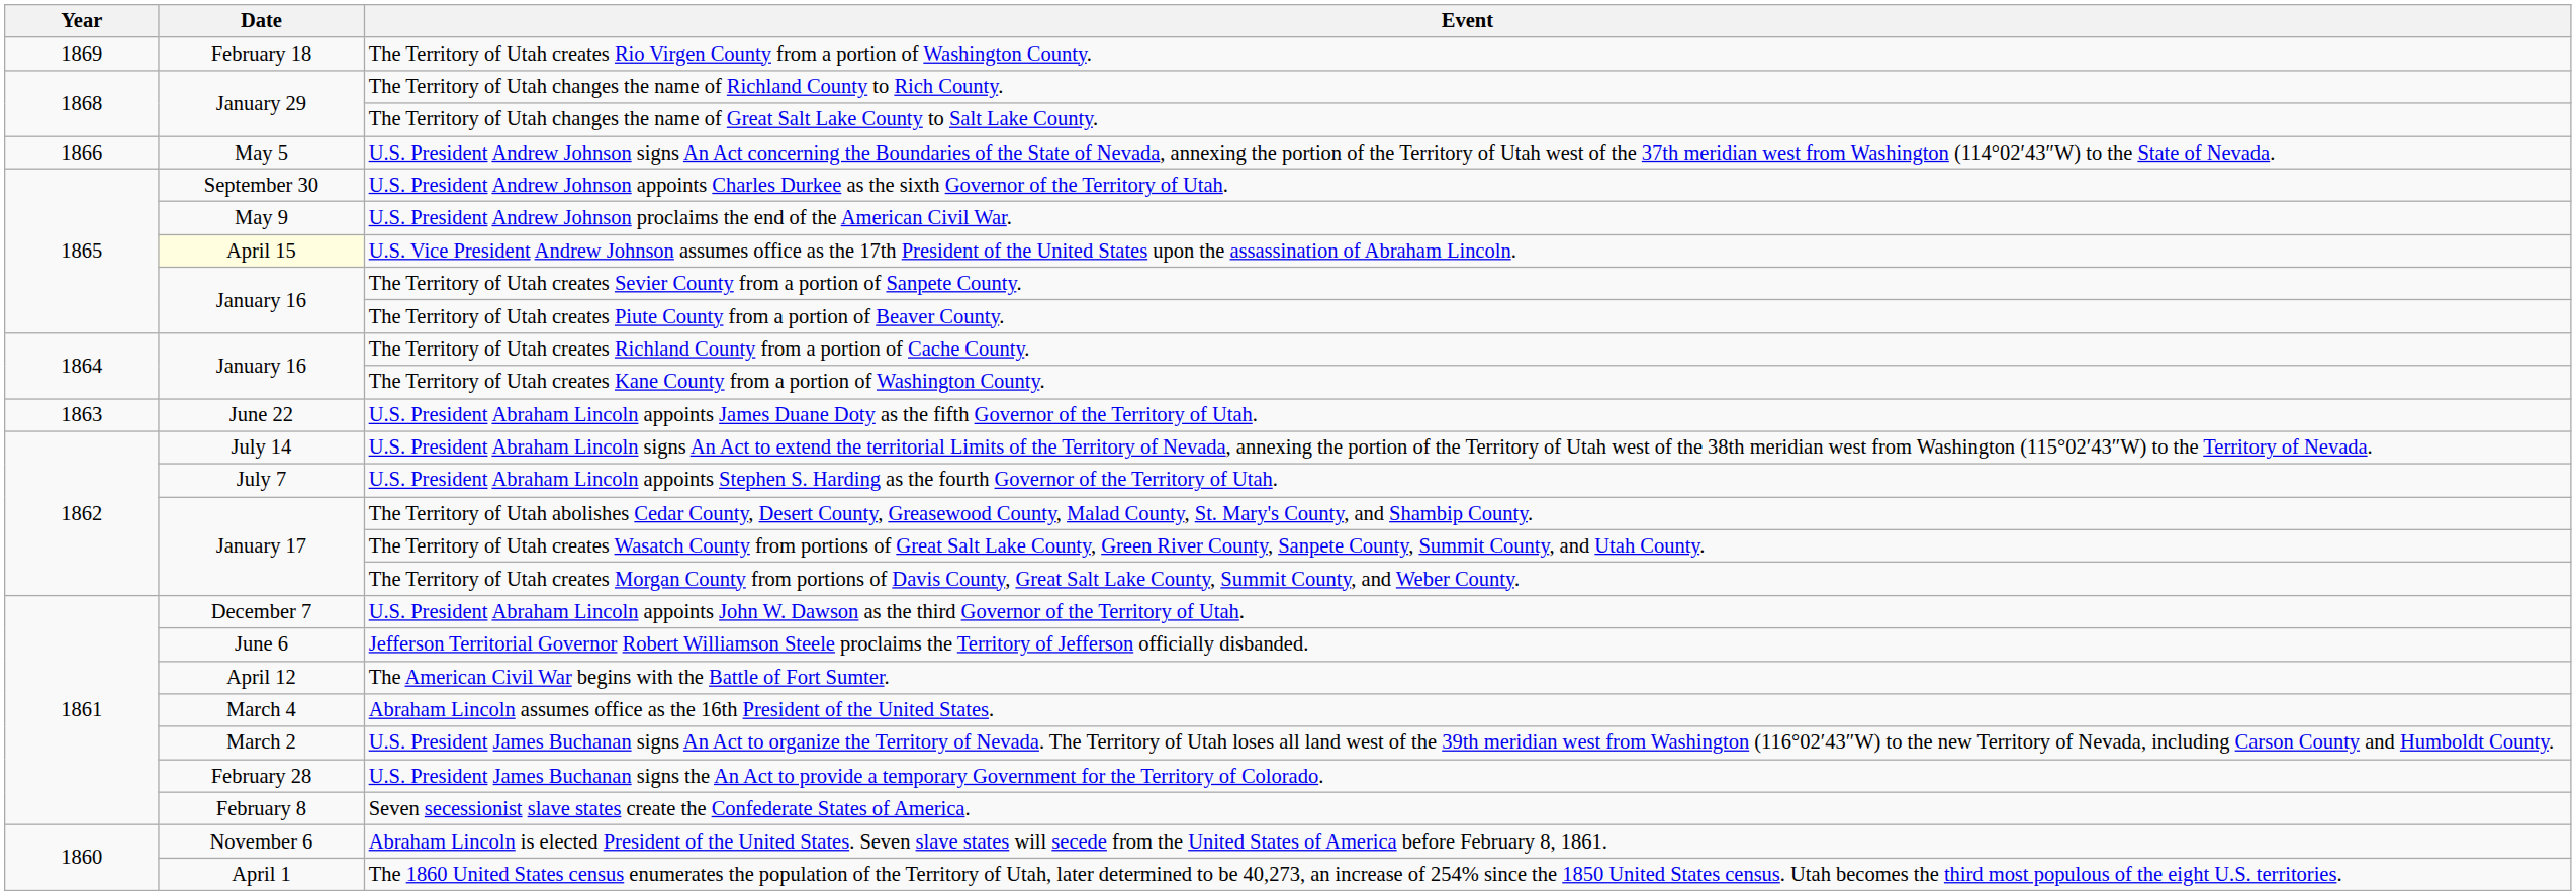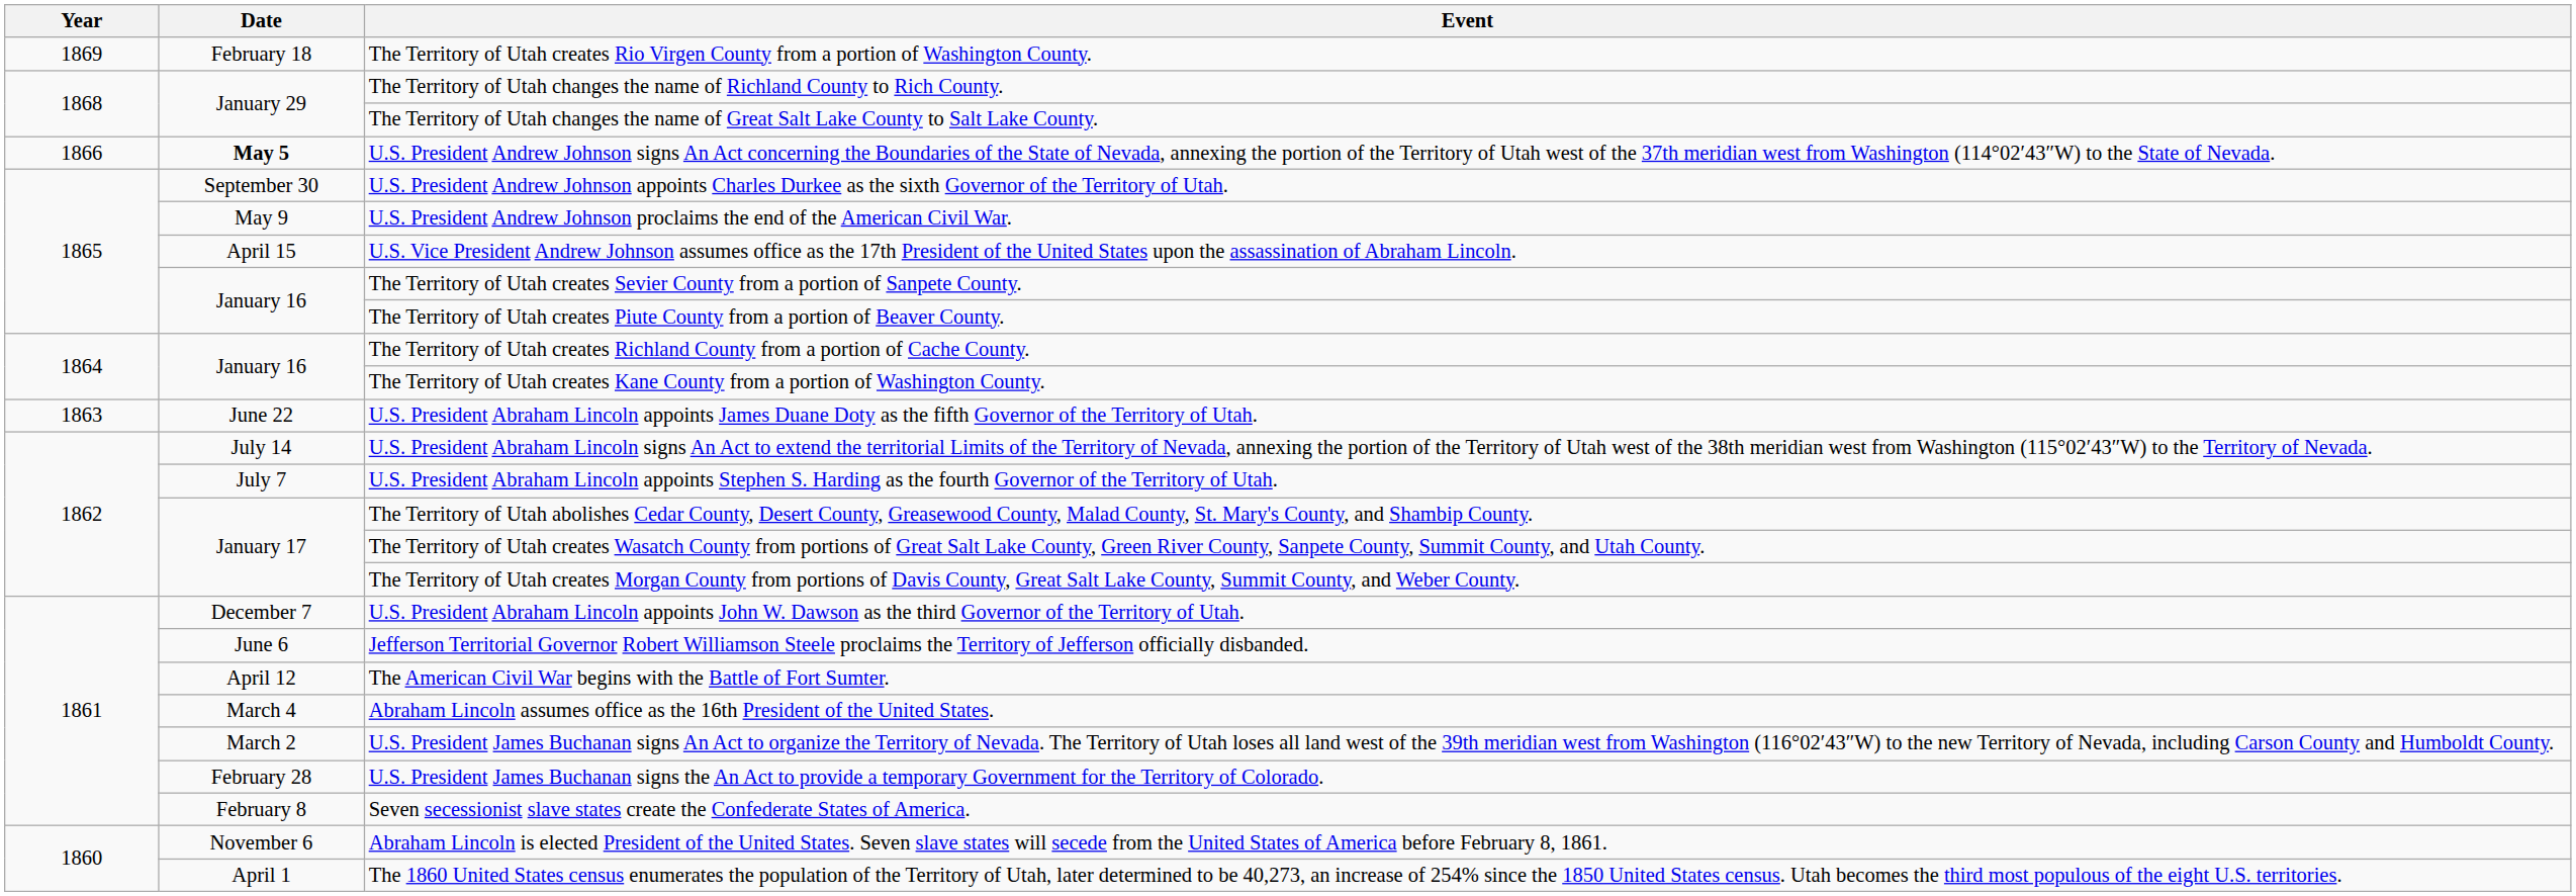 <table class="wikitable" style="width:100%;">
 <tr>
 <th style="width:6%">Year</th>
 <th style="width:8%">Date</th>
 <th style="width:86%">Event</th>
 </tr>
 <tr>
 <td align=center rowspan=1>1869</td>
 <td align=center>February 18</td>
 <td>The Territory of Utah creates <a href='#'>Rio Virgen County</a> from a portion of <a href='#'>Washington County</a>.</td>
 </tr>
 <tr>
 <td align=center rowspan=2>1868</td>
 <td align=center rowspan=2>January 29</td>
 <td>The Territory of Utah changes the name of <a href='#'>Richland County</a> to <a href='#'>Rich County</a>.</td>
 </tr>
 <tr>
 <td>The Territory of Utah changes the name of <a href='#'>Great Salt Lake County</a> to <a href='#'>Salt Lake County</a>.</td>
 </tr>
 <tr>
 <td align=center rowspan=1>1866</td>
-<td align=center>May 5</td>
+<td align=center><strong>May 5</strong></td>
 <td><a href='#'>U.S. President</a> <a href='#'>Andrew Johnson</a> signs <a href='#'>An Act concerning the Boundaries of the State of Nevada</a>, annexing the portion of the Territory of Utah west of the <a href='#'>37th meridian west from Washington</a> (114°02′43″W) to the <a href='#'>State of Nevada</a>.</td>
 </tr>
 <tr>
 <td align=center rowspan=5>1865</td>
 <td align=center>September 30</td>
 <td><a href='#'>U.S. President</a> <a href='#'>Andrew Johnson</a> appoints <a href='#'>Charles Durkee</a> as the sixth <a href='#'>Governor of the Territory of Utah</a>.</td>
 </tr>
 <tr>
 <td align=center>May 9</td>
 <td><a href='#'>U.S. President</a> <a href='#'>Andrew Johnson</a> proclaims the end of the <a href='#'>American Civil War</a>.</td>
 </tr>
 <tr>
-<td align=center style="background: lightyellow;">April 15</td>
+<td align=center>April 15</td>
 <td><a href='#'>U.S. Vice President</a> <a href='#'>Andrew Johnson</a> assumes office as the 17th <a href='#'>President of the United States</a> upon the <a href='#'>assassination of Abraham Lincoln</a>.</td>
 </tr>
 <tr>
 <td align=center rowspan=2>January 16</td>
 <td>The Territory of Utah creates <a href='#'>Sevier County</a> from a portion of <a href='#'>Sanpete County</a>.</td>
 </tr>
 <tr>
 <td>The Territory of Utah creates <a href='#'>Piute County</a> from a portion of <a href='#'>Beaver County</a>.</td>
 </tr>
 <tr>
 <td align=center rowspan=2>1864</td>
 <td align=center rowspan=2>January 16</td>
 <td>The Territory of Utah creates <a href='#'>Richland County</a> from a portion of <a href='#'>Cache County</a>.</td>
 </tr>
 <tr>
 <td>The Territory of Utah creates <a href='#'>Kane County</a> from a portion of <a href='#'>Washington County</a>.</td>
 </tr>
 <tr>
 <td align=center rowspan=1>1863</td>
 <td align=center>June 22</td>
 <td><a href='#'>U.S. President</a> <a href='#'>Abraham Lincoln</a> appoints <a href='#'>James Duane Doty</a> as the fifth <a href='#'>Governor of the Territory of Utah</a>.</td>
 </tr>
 <tr>
 <td align=center rowspan=5>1862</td>
 <td align=center>July 14</td>
 <td><a href='#'>U.S. President</a> <a href='#'>Abraham Lincoln</a> signs <a href='#'>An Act to extend the territorial Limits of the Territory of Nevada</a>, annexing the portion of the Territory of Utah west of the 38th meridian west from Washington (115°02′43″W) to the <a href='#'>Territory of Nevada</a>.</td>
 </tr>
 <tr>
 <td align=center>July 7</td>
 <td><a href='#'>U.S. President</a> <a href='#'>Abraham Lincoln</a> appoints <a href='#'>Stephen S. Harding</a> as the fourth <a href='#'>Governor of the Territory of Utah</a>.</td>
 </tr>
 <tr>
 <td align=center rowspan=3>January 17</td>
 <td>The Territory of Utah abolishes <a href='#'>Cedar County</a>, <a href='#'>Desert County</a>, <a href='#'>Greasewood County</a>, <a href='#'>Malad County</a>, <a href='#'>St. Mary's County</a>, and <a href='#'>Shambip County</a>.</td>
 </tr>
 <tr>
 <td>The Territory of Utah creates <a href='#'>Wasatch County</a>  from portions of <a href='#'>Great Salt Lake County</a>, <a href='#'>Green River County</a>, <a href='#'>Sanpete County</a>, <a href='#'>Summit County</a>, and <a href='#'>Utah County</a>.</td>
 </tr>
 <tr>
 <td>The Territory of Utah creates <a href='#'>Morgan County</a>  from portions of <a href='#'>Davis County</a>, <a href='#'>Great Salt Lake County</a>, <a href='#'>Summit County</a>, and <a href='#'>Weber County</a>.</td>
 </tr>
 <tr>
 <td align=center rowspan=7>1861</td>
 <td align=center>December 7</td>
 <td><a href='#'>U.S. President</a> <a href='#'>Abraham Lincoln</a> appoints <a href='#'>John W. Dawson</a> as the third <a href='#'>Governor of the Territory of Utah</a>.</td>
 </tr>
 <tr>
 <td align=center>June 6</td>
 <td><a href='#'>Jefferson Territorial Governor</a> <a href='#'>Robert Williamson Steele</a> proclaims the <a href='#'>Territory of Jefferson</a> officially disbanded.</td>
 </tr>
 <tr>
 <td align=center>April 12</td>
 <td>The <a href='#'>American Civil War</a> begins with the <a href='#'>Battle of Fort Sumter</a>.</td>
 </tr>
 <tr>
 <td align=center>March 4</td>
 <td><a href='#'>Abraham Lincoln</a> assumes office as the 16th <a href='#'>President of the United States</a>.</td>
 </tr>
 <tr>
 <td align=center>March 2</td>
 <td><a href='#'>U.S. President</a> <a href='#'>James Buchanan</a> signs <a href='#'>An Act to organize the Territory of Nevada</a>. The Territory of Utah loses all land west of the <a href='#'>39th meridian west from Washington</a> (116°02′43″W) to the new Territory of Nevada, including <a href='#'>Carson County</a> and <a href='#'>Humboldt County</a>.</td>
 </tr>
 <tr>
 <td align=center>February 28</td>
 <td><a href='#'>U.S. President</a> <a href='#'>James Buchanan</a> signs the <a href='#'>An Act to provide a temporary Government for the Territory of Colorado</a>.</td>
 </tr>
 <tr>
 <td align=center>February 8</td>
 <td>Seven <a href='#'>secessionist</a> <a href='#'>slave states</a> create the <a href='#'>Confederate States of America</a>.</td>
 </tr>
 <tr>
 <td align=center rowspan=2>1860</td>
 <td align=center>November 6</td>
 <td><a href='#'>Abraham Lincoln</a> is elected <a href='#'>President of the United States</a>.  Seven <a href='#'>slave states</a> will <a href='#'>secede</a> from the <a href='#'>United States of America</a> before February 8, 1861.</td>
 </tr>
 <tr>
 <td align=center>April 1</td>
 <td>The <a href='#'>1860 United States census</a> enumerates the population of the Territory of Utah, later determined to be 40,273, an increase of 254% since the <a href='#'>1850 United States census</a>. Utah becomes the <a href='#'>third most populous of the eight U.S. territories</a>.</td>
 </tr>
 </table>
